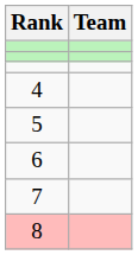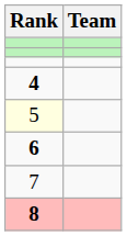 <table class=wikitable style="text-align: center;">
 <tr>
 <th>Rank</th>
 <th>Team</th>
 </tr>
 <tr style="background: #BBF3BB;">
 <td></td>
 <td style="text-align: left;"></td>
 </tr>
 <tr style="background: #BBF3BB;">
 <td></td>
 <td style="text-align: left;"></td>
 </tr>
 <tr>
 <td></td>
 <td style="text-align: left;"></td>
 </tr>
 <tr>
-<td>4</td>
+<td><strong>4</strong></td>
 <td style="text-align: left;"></td>
 </tr>
 <tr>
-<td>5</td>
+<td style="background: lightyellow;">5</td>
 <td style="text-align: left;"></td>
 </tr>
 <tr>
-<td>6</td>
+<td><strong>6</strong></td>
 <td style="text-align: left;"></td>
 </tr>
 <tr>
 <td>7</td>
 <td style="text-align: left;"></td>
 </tr>
 <tr style="background: #FFBBBB;">
-<td>8</td>
+<td><strong>8</strong></td>
 <td style="text-align: left;"></td>
 </tr>
 </table>
